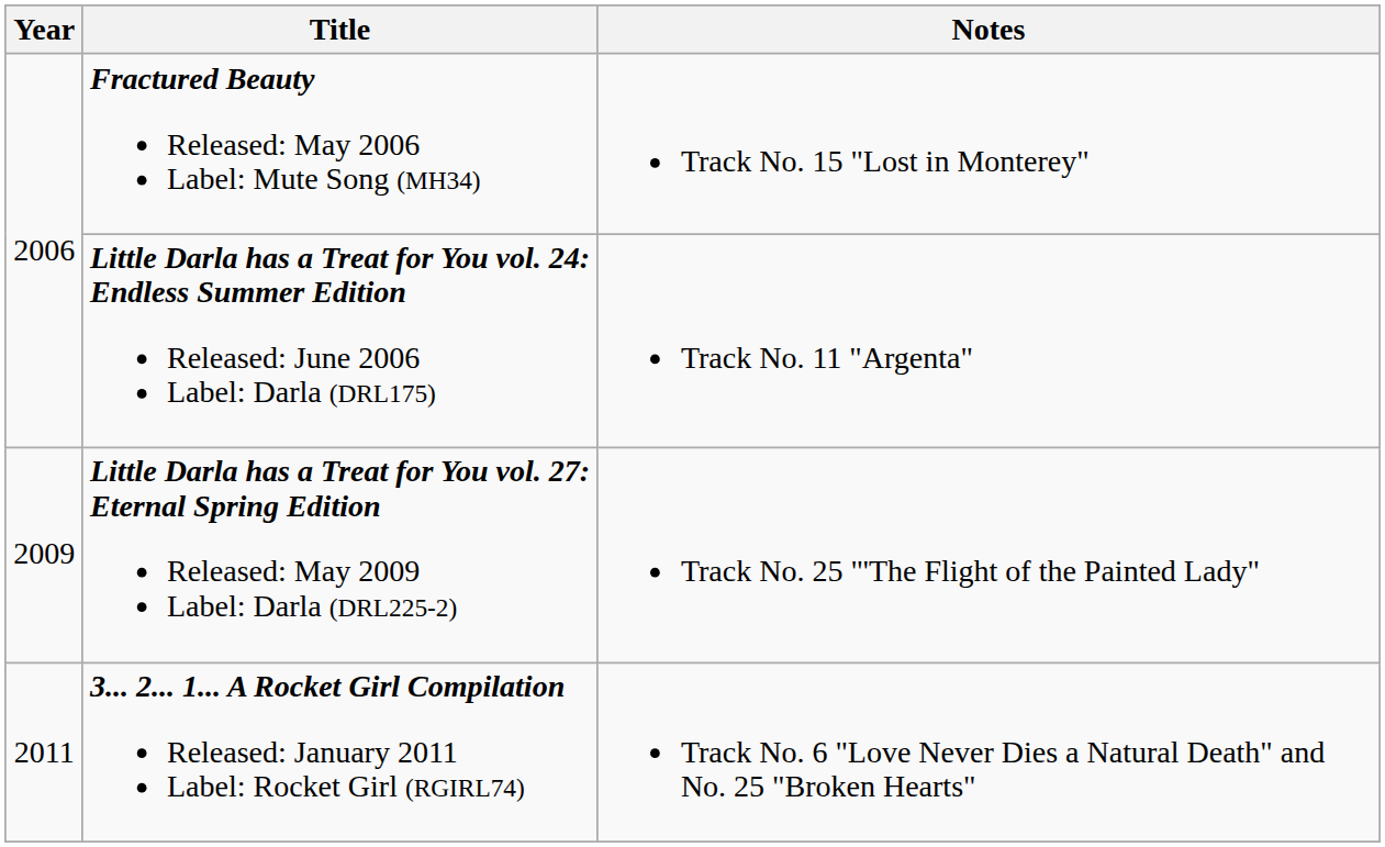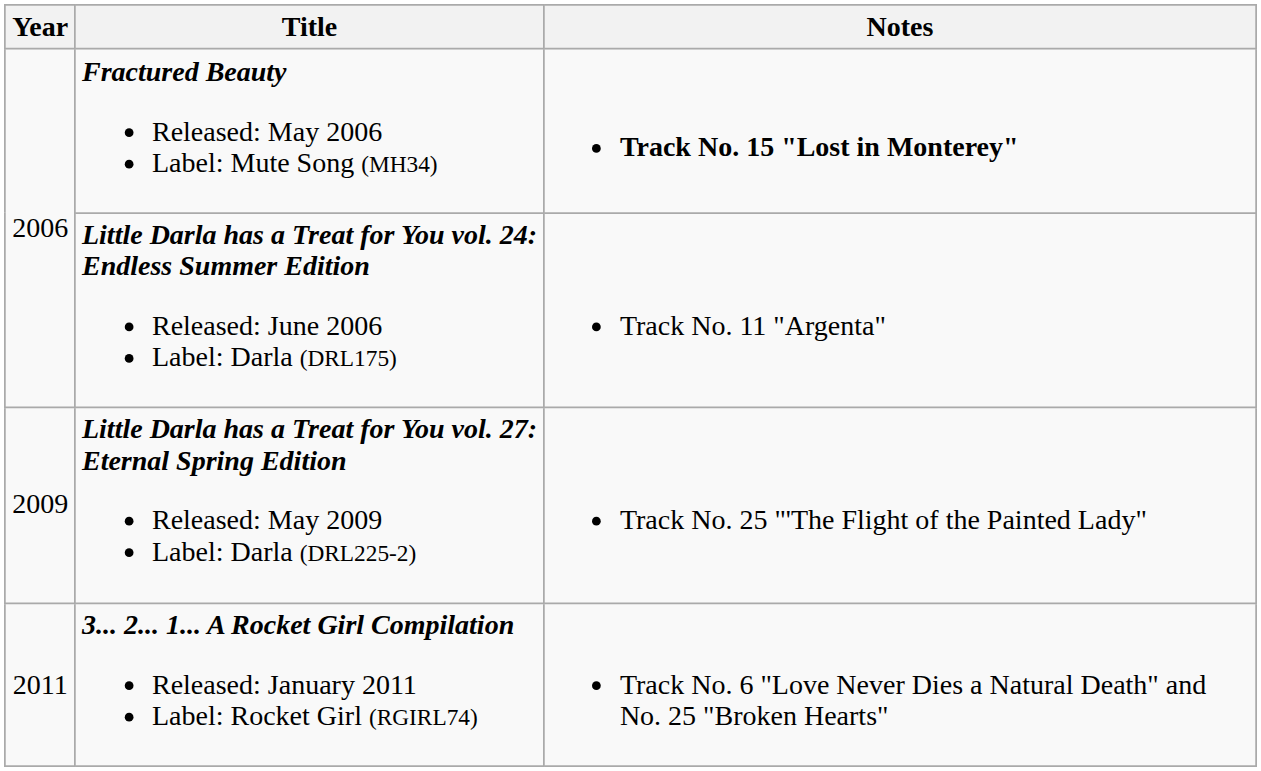 <table class="wikitable">
 <tr>
 <th width="33">Year</th>
 <th width="260">Title</th>
 <th width="400">Notes</th>
 </tr>
 <tr>
 <td align="center" rowspan="2">2006</td>
 <td><strong><em>Fractured Beauty</em></strong><br><ul><li>Released: May 2006</li><li>Label: Mute Song <small>(MH34)</small></li></ul></td>
-<td><br><ul><li>Track No. 15 "Lost in Monterey"</li></ul></td>
+<td><strong><br><ul><li>Track No. 15 "Lost in Monterey"</li></ul></strong></td>
 </tr>
 <tr>
 <td><strong><em>Little Darla has a Treat for You vol. 24: Endless Summer Edition</em></strong><br><ul><li>Released: June 2006</li><li>Label: Darla <small>(DRL175)</small></li></ul></td>
 <td><br><ul><li>Track No. 11 "Argenta"</li></ul></td>
 </tr>
 <tr>
 <td align="center">2009</td>
 <td><strong><em>Little Darla has a Treat for You vol. 27: Eternal Spring Edition</em></strong><br><ul><li>Released: May 2009</li><li>Label: Darla <small>(DRL225-2)</small></li></ul></td>
 <td><br><ul><li>Track No. 25 "'The Flight of the Painted Lady"</li></ul></td>
 </tr>
 <tr>
 <td align="center">2011</td>
 <td><strong><em>3... 2... 1... A Rocket Girl Compilation</em></strong><br><ul><li>Released: January 2011</li><li>Label: Rocket Girl <small>(RGIRL74)</small></li></ul></td>
 <td><br><ul><li>Track No. 6 "Love Never Dies a Natural Death" and No. 25 "Broken Hearts"</li></ul></td>
 </tr>
 </table>
